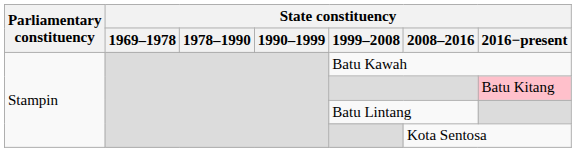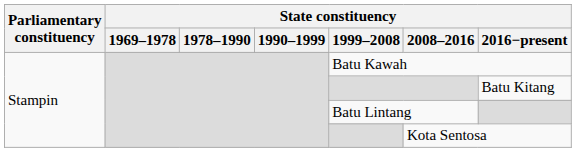 <table class="wikitable">
 <tr>
 <th rowspan="2">Parliamentary<br>constituency</th>
 <th colspan="6">State constituency</th>
 </tr>
 <tr>
 <th>1969–1978</th>
 <th>1978–1990</th>
 <th>1990–1999</th>
 <th>1999–2008</th>
 <th>2008–2016</th>
 <th>2016−present</th>
 </tr>
 <tr>
 <td rowspan="4">Stampin</td>
 <td colspan="3" rowspan="4" bgcolor="dcdcdc"></td>
 <td colspan="3">Batu Kawah</td>
 </tr>
 <tr>
 <td colspan="2" bgcolor="dcdcdc"></td>
-<td style="background: pink;">Batu Kitang</td>
+<td>Batu Kitang</td>
 </tr>
 <tr>
 <td colspan="2">Batu Lintang</td>
 <td bgcolor="dcdcdc"></td>
 </tr>
 <tr>
 <td bgcolor="dcdcdc"></td>
 <td colspan="2">Kota Sentosa</td>
 </tr>
 </table>
